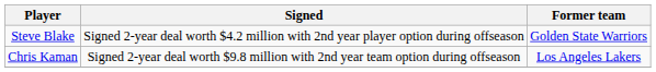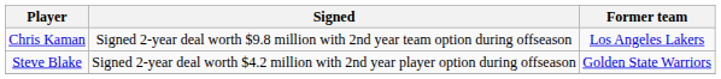 <table class="wikitable sortable sortable" style="text-align: center">
 <tr>
 <th>Player</th>
 <th>Signed</th>
 <th>Former team</th>
 </tr>
 <tr style="text-align: center">
+<td><a href='#'>Chris Kaman</a></td>
+<td>Signed 2-year deal worth $9.8 million with 2nd year team option during offseason</td>
+<td><a href='#'>Los Angeles Lakers</a></td>
+</tr>
+<tr style="text-align: center">
 <td><a href='#'>Steve Blake</a></td>
 <td>Signed 2-year deal worth $4.2 million with 2nd year player option during offseason</td>
 <td><a href='#'>Golden State Warriors</a></td>
 </tr>
-<tr style="text-align: center">
-<td><a href='#'>Chris Kaman</a></td>
-<td>Signed 2-year deal worth $9.8 million with 2nd year team option during offseason</td>
-<td><a href='#'>Los Angeles Lakers</a></td>
-</tr>
 <tr>
 </tr>
 </table>
